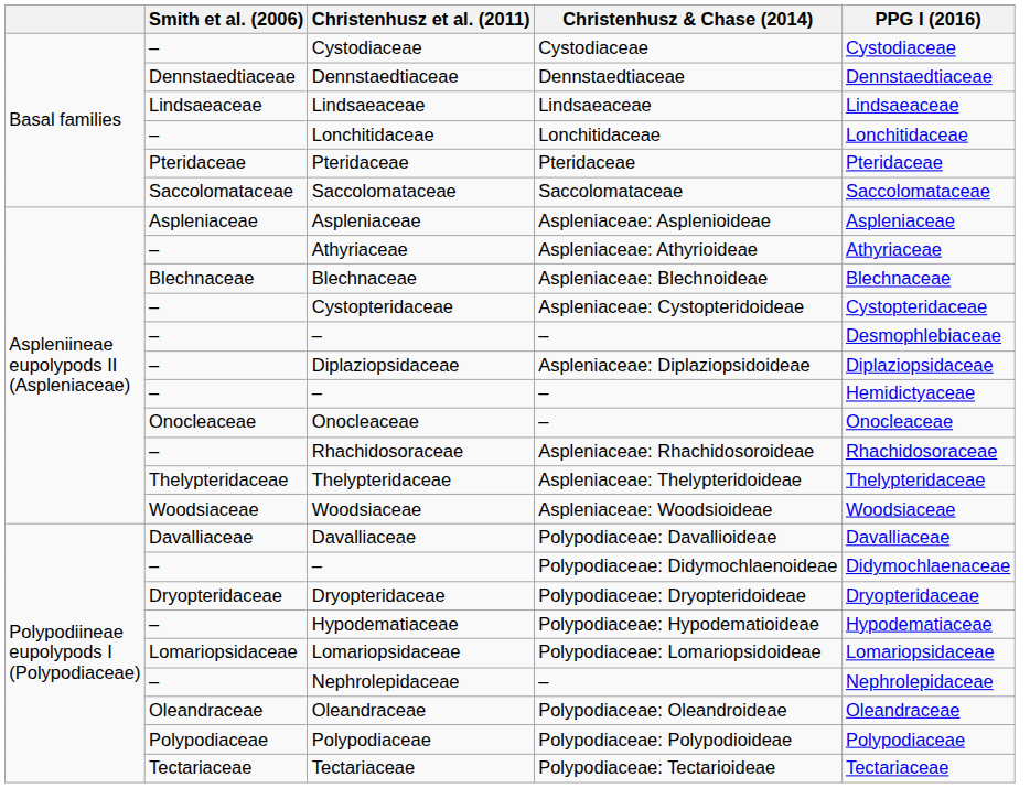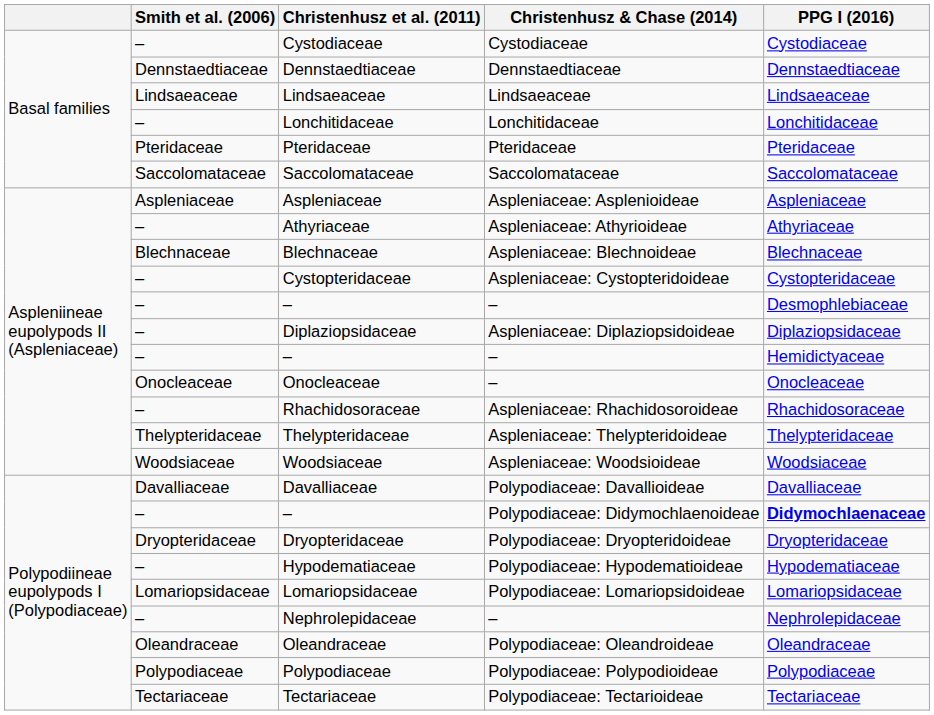 <table class="wikitable">
 <tr>
 <th></th>
 <th>Smith et al. (2006)</th>
 <th>Christenhusz et al. (2011)</th>
 <th>Christenhusz & Chase (2014)</th>
 <th>PPG I (2016)</th>
 </tr>
 <tr>
 <td rowspan=6>Basal families</td>
 <td>–</td>
 <td>Cystodiaceae</td>
 <td>Cystodiaceae</td>
 <td><a href='#'>Cystodiaceae</a></td>
 </tr>
 <tr>
 <td>Dennstaedtiaceae</td>
 <td>Dennstaedtiaceae</td>
 <td>Dennstaedtiaceae</td>
 <td><a href='#'>Dennstaedtiaceae</a></td>
 </tr>
 <tr>
 <td>Lindsaeaceae</td>
 <td>Lindsaeaceae</td>
 <td>Lindsaeaceae</td>
 <td><a href='#'>Lindsaeaceae</a></td>
 </tr>
 <tr>
 <td>–</td>
 <td>Lonchitidaceae</td>
 <td>Lonchitidaceae</td>
 <td><a href='#'>Lonchitidaceae</a></td>
 </tr>
 <tr>
 <td>Pteridaceae</td>
 <td>Pteridaceae</td>
 <td>Pteridaceae</td>
 <td><a href='#'>Pteridaceae</a></td>
 </tr>
 <tr>
 <td>Saccolomataceae</td>
 <td>Saccolomataceae</td>
 <td>Saccolomataceae</td>
 <td><a href='#'>Saccolomataceae</a></td>
 </tr>
 <tr>
 <td rowspan=11>Aspleniineae<br>eupolypods II<br>(Aspleniaceae)</td>
 <td>Aspleniaceae</td>
 <td>Aspleniaceae</td>
 <td>Aspleniaceae: Asplenioideae</td>
 <td><a href='#'>Aspleniaceae</a></td>
 </tr>
 <tr>
 <td>–</td>
 <td>Athyriaceae</td>
 <td>Aspleniaceae: Athyrioideae</td>
 <td><a href='#'>Athyriaceae</a></td>
 </tr>
 <tr>
 <td>Blechnaceae</td>
 <td>Blechnaceae</td>
 <td>Aspleniaceae: Blechnoideae</td>
 <td><a href='#'>Blechnaceae</a></td>
 </tr>
 <tr>
 <td>–</td>
 <td>Cystopteridaceae</td>
 <td>Aspleniaceae: Cystopteridoideae</td>
 <td><a href='#'>Cystopteridaceae</a></td>
 </tr>
 <tr>
 <td>–</td>
 <td>–</td>
 <td>–</td>
 <td><a href='#'>Desmophlebiaceae</a></td>
 </tr>
 <tr>
 <td>–</td>
 <td>Diplaziopsidaceae</td>
 <td>Aspleniaceae: Diplaziopsidoideae</td>
 <td><a href='#'>Diplaziopsidaceae</a></td>
 </tr>
 <tr>
 <td>–</td>
 <td>–</td>
 <td>–</td>
 <td><a href='#'>Hemidictyaceae</a></td>
 </tr>
 <tr>
 <td>Onocleaceae</td>
 <td>Onocleaceae</td>
 <td>–</td>
 <td><a href='#'>Onocleaceae</a></td>
 </tr>
 <tr>
 <td>–</td>
 <td>Rhachidosoraceae</td>
 <td>Aspleniaceae: Rhachidosoroideae</td>
 <td><a href='#'>Rhachidosoraceae</a></td>
 </tr>
 <tr>
 <td>Thelypteridaceae</td>
 <td>Thelypteridaceae</td>
 <td>Aspleniaceae: Thelypteridoideae</td>
 <td><a href='#'>Thelypteridaceae</a></td>
 </tr>
 <tr>
 <td>Woodsiaceae</td>
 <td>Woodsiaceae</td>
 <td>Aspleniaceae: Woodsioideae</td>
 <td><a href='#'>Woodsiaceae</a></td>
 </tr>
 <tr>
 <td rowspan=9>Polypodiineae<br>eupolypods I<br>(Polypodiaceae)</td>
 <td>Davalliaceae</td>
 <td>Davalliaceae</td>
 <td>Polypodiaceae: Davallioideae</td>
 <td><a href='#'>Davalliaceae</a></td>
 </tr>
 <tr>
 <td>–</td>
 <td>–</td>
 <td>Polypodiaceae: Didymochlaenoideae</td>
-<td><a href='#'>Didymochlaenaceae</a></td>
+<td><strong><a href='#'>Didymochlaenaceae</a></strong></td>
 </tr>
 <tr>
 <td>Dryopteridaceae</td>
 <td>Dryopteridaceae</td>
 <td>Polypodiaceae: Dryopteridoideae</td>
 <td><a href='#'>Dryopteridaceae</a></td>
 </tr>
 <tr>
 <td>–</td>
 <td>Hypodematiaceae</td>
 <td>Polypodiaceae: Hypodematioideae</td>
 <td><a href='#'>Hypodematiaceae</a></td>
 </tr>
 <tr>
 <td>Lomariopsidaceae</td>
 <td>Lomariopsidaceae</td>
 <td>Polypodiaceae: Lomariopsidoideae</td>
 <td><a href='#'>Lomariopsidaceae</a></td>
 </tr>
 <tr>
 <td>–</td>
 <td>Nephrolepidaceae</td>
 <td>–</td>
 <td><a href='#'>Nephrolepidaceae</a></td>
 </tr>
 <tr>
 <td>Oleandraceae</td>
 <td>Oleandraceae</td>
 <td>Polypodiaceae: Oleandroideae</td>
 <td><a href='#'>Oleandraceae</a></td>
 </tr>
 <tr>
 <td>Polypodiaceae</td>
 <td>Polypodiaceae</td>
 <td>Polypodiaceae: Polypodioideae</td>
 <td><a href='#'>Polypodiaceae</a></td>
 </tr>
 <tr>
 <td>Tectariaceae</td>
 <td>Tectariaceae</td>
 <td>Polypodiaceae: Tectarioideae</td>
 <td><a href='#'>Tectariaceae</a></td>
 </tr>
 </table>
